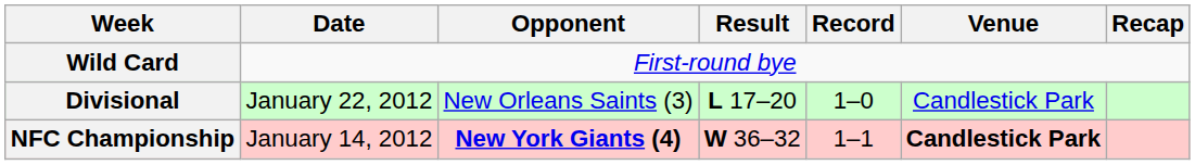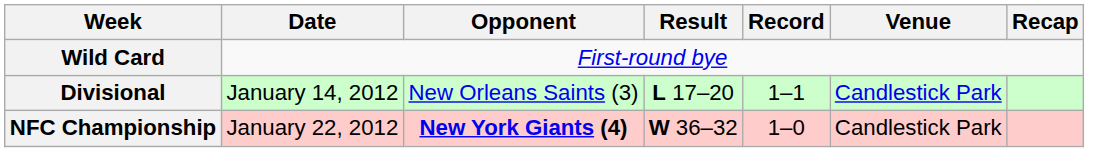 <table class="wikitable" style="text-align:center;">
 <tr>
 <th>Week</th>
 <th>Date</th>
 <th>Opponent</th>
 <th>Result</th>
 <th>Record</th>
 <th>Venue</th>
 <th>Recap</th>
 </tr>
 <tr>
 <th>Wild Card</th>
 <td colspan="8"><em><a href='#'>First-round bye</a></em></td>
 </tr>
 <tr style="background:#cfc">
 <th>Divisional</th>
-<td>January 22, 2012</td>
+<td>January 14, 2012</td>
 <td><a href='#'>New Orleans Saints</a> (3)</td>
 <td><strong>L</strong> 17–20 <small></small></td>
-<td>1–0</td>
+<td>1–1</td>
 <td><a href='#'>Candlestick Park</a></td>
 <td></td>
 </tr>
 <tr style="background:#fcc">
 <th>NFC Championship</th>
-<td>January 14, 2012</td>
+<td>January 22, 2012</td>
 <td><strong><a href='#'>New York Giants</a> (4)</strong></td>
 <td><strong>W</strong> 36–32</td>
-<td>1–1</td>
-<td><strong>Candlestick Park</strong></td>
+<td>1–0</td>
+<td>Candlestick Park</td>
 <td></td>
 </tr>
 </table>
